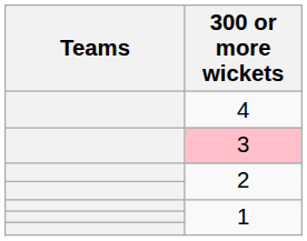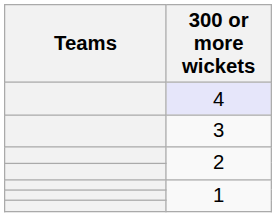 <table class="wikitable plainrowheaders" style="text-align:center">
 <tr>
 <th style="width:120px">Teams</th>
 <th style="width:75px">300 or more wickets</th>
 </tr>
 <tr>
 <th scope="row"></th>
-<td>4</td>
+<td style="background: lavender;">4</td>
 </tr>
 <tr>
 <th scope="row"></th>
-<td style="background: pink;">3</td>
+<td>3</td>
 </tr>
 <tr>
 <th scope="row"></th>
 <td rowspan="2">2</td>
 </tr>
 <tr>
 <th scope="row"></th>
 </tr>
 <tr>
 <th scope="row"></th>
 <td rowspan="3">1</td>
 </tr>
 <tr>
 <th scope="row"></th>
 </tr>
 <tr>
 <th scope="row"></th>
 </tr>
 </table>
